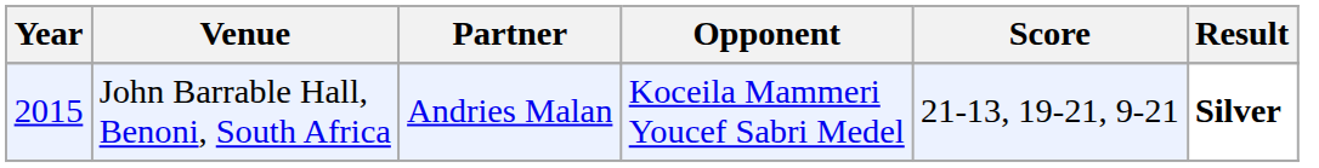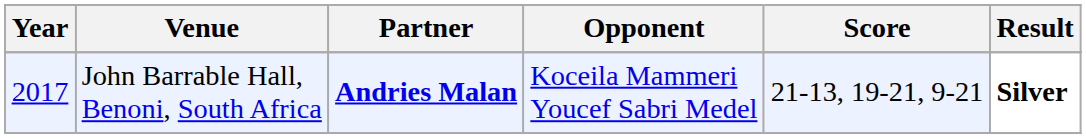 <table class="sortable wikitable" style="font-size: 90%;">
 <tr>
 <th>Year</th>
 <th>Venue</th>
 <th>Partner</th>
 <th>Opponent</th>
 <th>Score</th>
 <th>Result</th>
 </tr>
 <tr>
 </tr>
 <tr style="background:#ECF2FF">
-<td align="center"><a href='#'>2015</a></td>
+<td align="center"><a href='#'>2017</a></td>
 <td align="left">John Barrable Hall,<br> <a href='#'>Benoni</a>, <a href='#'>South Africa</a></td>
-<td align="left"> <a href='#'>Andries Malan</a></td>
+<td align="left"><strong> <a href='#'>Andries Malan</a></strong></td>
 <td align="left"> <a href='#'>Koceila Mammeri</a> <br>  <a href='#'>Youcef Sabri Medel</a></td>
 <td align="left">21-13, 19-21, 9-21</td>
 <td style="text-align:left; background:white"> <strong>Silver</strong></td>
 </tr>
 <tr>
 </tr>
 </table>
